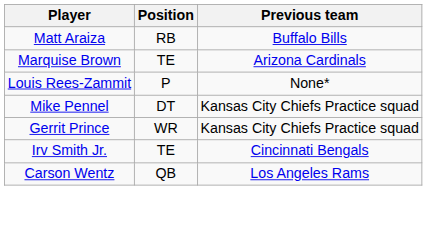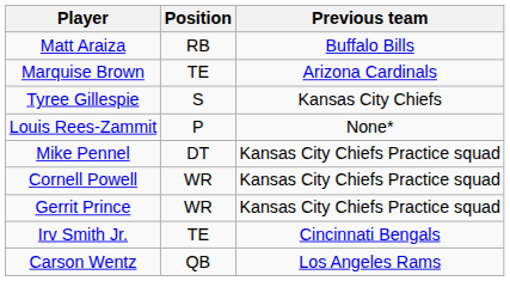 <table class="wikitable" style="text-align:center">
 <tr>
 <th>Player</th>
 <th>Position</th>
 <th>Previous team</th>
 </tr>
 <tr>
 <td><a href='#'>Matt Araiza</a></td>
 <td>RB</td>
 <td><a href='#'>Buffalo Bills</a> </td>
 </tr>
 <tr>
 <td><a href='#'>Marquise Brown</a></td>
 <td>TE</td>
 <td><a href='#'>Arizona Cardinals</a></td>
 </tr>
 <tr>
+<td><a href='#'>Tyree Gillespie</a></td>
+<td>S</td>
+<td>Kansas City Chiefs </td>
+</tr>
+<tr>
 <td><a href='#'>Louis Rees-Zammit</a></td>
 <td>P</td>
 <td>None*</td>
 </tr>
 <tr>
 <td><a href='#'>Mike Pennel</a></td>
 <td>DT</td>
+<td>Kansas City Chiefs Practice squad</td>
+</tr>
+<tr>
+<td><a href='#'>Cornell Powell</a></td>
+<td>WR</td>
 <td>Kansas City Chiefs Practice squad</td>
 </tr>
 <tr>
 <td><a href='#'>Gerrit Prince</a></td>
 <td>WR</td>
 <td>Kansas City Chiefs Practice squad</td>
 </tr>
 <tr>
 <td><a href='#'>Irv Smith Jr.</a></td>
 <td>TE</td>
 <td><a href='#'>Cincinnati Bengals</a></td>
 </tr>
 <tr>
 <td><a href='#'>Carson Wentz</a></td>
 <td>QB</td>
 <td><a href='#'>Los Angeles Rams</a></td>
 </tr>
 </table>
